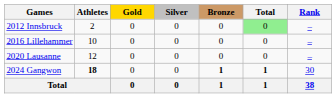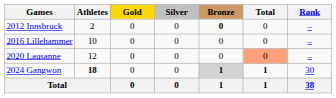 <table class="wikitable" style="text-align:center; font-size:90%;">
 <tr>
 <th>Games</th>
 <th>Athletes</th>
 <td style="background:gold; width:4.5em; font-weight:bold;">Gold</td>
 <td style="background:silver; width:4.5em; font-weight:bold;">Silver</td>
 <td style="background:#cc9966; width:4.5em; font-weight:bold;">Bronze</td>
 <th style="width:4.5em; font-weight:bold;">Total</th>
 <th style="width:4.5em; font-weight:bold;"><a href='#'>Rank</a></th>
 </tr>
 <tr>
 <td align=left> <a href='#'>2012 Innsbruck</a></td>
 <td>2</td>
 <td>0</td>
 <td>0</td>
+<td><strong>0</strong></td>
 <td>0</td>
-<td style="background: lightgreen;">0</td>
 <td><a href='#'>–</a></td>
 </tr>
 <tr>
 <td align=left> <a href='#'>2016 Lillehammer</a></td>
 <td>10</td>
 <td>0</td>
 <td>0</td>
 <td>0</td>
 <td>0</td>
 <td><a href='#'>–</a></td>
 </tr>
 <tr>
 <td align=left> <a href='#'>2020 Lausanne</a></td>
 <td>12</td>
 <td>0</td>
 <td>0</td>
 <td>0</td>
-<td>0</td>
+<td style="background: lightsalmon;">0</td>
 <td><a href='#'>–</a></td>
 </tr>
 <tr>
 <td align=left> <a href='#'>2024 Gangwon</a></td>
 <td><strong>18</strong></td>
 <td>0</td>
 <td>0</td>
-<td><strong>1</strong></td>
+<td style="background: lightgrey;"><strong>1</strong></td>
 <td><strong>1</strong></td>
 <td><a href='#'>30</a></td>
 </tr>
 <tr>
 <th colspan=2>Total</th>
 <th>0</th>
 <th>0</th>
 <th>1</th>
 <th>1</th>
 <th><a href='#'>38</a></th>
 </tr>
 </table>
